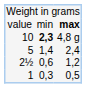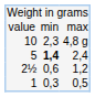 <table Align=right style="text-align:right; border: 2px #abcdef solid; border-collapse: collapse; font-size: 85%; background: #f5f5f5;">
 <tr>
 <td colspan= 3>Weight in grams</td>
 </tr>
 <tr>
 <td style="text-align:center;">value</td>
 <td>min</td>
-<td><strong>max</strong></td>
+<td>max</td>
 </tr>
 <tr>
 <td>10</td>
-<td><strong>2,3</strong></td>
+<td>2,3</td>
 <td>4,8 g</td>
 </tr>
 <tr>
 <td>5</td>
-<td>1,4</td>
+<td><strong>1,4</strong></td>
 <td>2,4</td>
 </tr>
 <tr>
 <td>2½</td>
 <td>0,6</td>
 <td>1,2</td>
 </tr>
 <tr>
 <td>1</td>
 <td>0,3</td>
 <td>0,5</td>
 </tr>
 </table>
